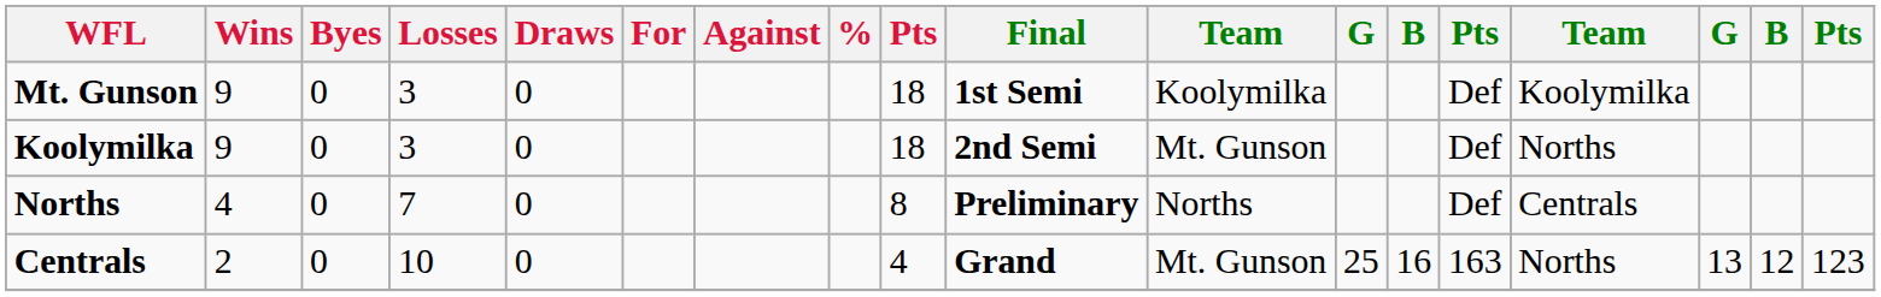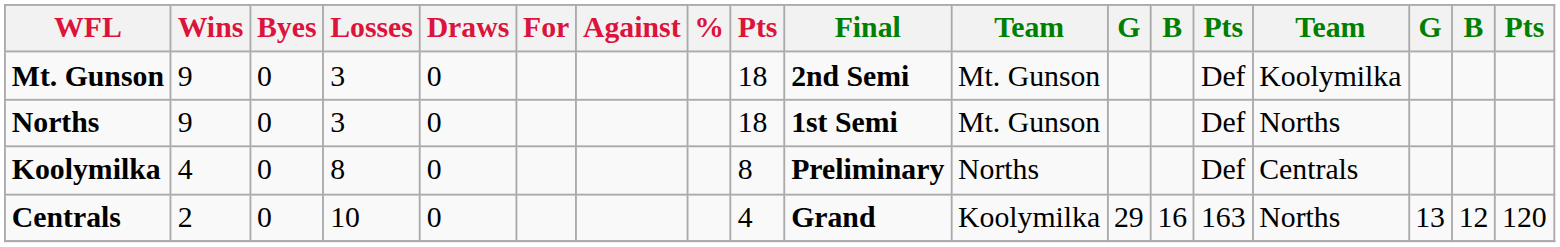 <table class="wikitable">
 <tr>
 <th style="color:crimson">WFL</th>
 <th style="color:crimson">Wins</th>
 <th style="color:crimson">Byes</th>
 <th style="color:crimson">Losses</th>
 <th style="color:crimson">Draws</th>
 <th style="color:crimson">For</th>
 <th style="color:crimson">Against</th>
 <th style="color:crimson">%</th>
 <th style="color:crimson">Pts</th>
 <th style="color:green">Final</th>
 <th style="color:green">Team</th>
 <th style="color:green">G</th>
 <th style="color:green">B</th>
 <th style="color:green">Pts</th>
 <th style="color:green">Team</th>
 <th style="color:green">G</th>
 <th style="color:green">B</th>
 <th style="color:green">Pts</th>
 </tr>
 <tr>
 <td><strong>	Mt. Gunson	</strong></td>
 <td>9</td>
 <td>0</td>
 <td>3</td>
 <td>0</td>
 <td></td>
 <td></td>
 <td></td>
 <td>18</td>
-<td><strong>1st Semi</strong></td>
-<td>Koolymilka</td>
+<td><strong>2nd Semi</strong></td>
+<td>Mt. Gunson</td>
 <td></td>
 <td></td>
 <td>Def</td>
 <td>Koolymilka</td>
 <td></td>
 <td></td>
 <td></td>
 </tr>
 <tr>
-<td><strong>	Koolymilka	</strong></td>
+<td><strong>	Norths	</strong></td>
 <td>9</td>
 <td>0</td>
 <td>3</td>
 <td>0</td>
 <td></td>
 <td></td>
 <td></td>
 <td>18</td>
-<td><strong>2nd Semi</strong></td>
+<td><strong>1st Semi</strong></td>
 <td>Mt. Gunson</td>
 <td></td>
 <td></td>
 <td>Def</td>
 <td>Norths</td>
 <td></td>
 <td></td>
 <td></td>
 </tr>
 <tr>
-<td><strong>	Norths	</strong></td>
+<td><strong>	Koolymilka	</strong></td>
 <td>4</td>
 <td>0</td>
-<td>7</td>
+<td>8</td>
 <td>0</td>
 <td></td>
 <td></td>
 <td></td>
 <td>8</td>
 <td><strong>Preliminary</strong></td>
 <td>Norths</td>
 <td></td>
 <td></td>
 <td>Def</td>
 <td>Centrals</td>
 <td></td>
 <td></td>
 <td></td>
 </tr>
 <tr>
 <td><strong>	Centrals	</strong></td>
 <td>2</td>
 <td>0</td>
 <td>10</td>
 <td>0</td>
 <td></td>
 <td></td>
 <td></td>
 <td>4</td>
 <td><strong>Grand</strong></td>
-<td>Mt. Gunson</td>
-<td>25</td>
+<td>Koolymilka</td>
+<td>29</td>
 <td>16</td>
 <td>163</td>
 <td>Norths</td>
 <td>13</td>
 <td>12</td>
-<td>123</td>
+<td>120</td>
 </tr>
 <tr>
 </tr>
 </table>
